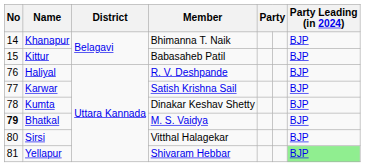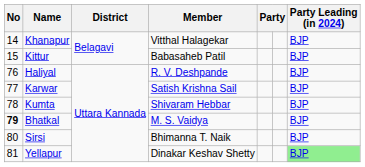 <table class="wikitable">
 <tr>
 <th>No</th>
 <th>Name</th>
 <th>District</th>
 <th>Member</th>
 <th colspan="2">Party</th>
 <th colspan="2">Party Leading<br>(in <a href='#'>2024</a>)</th>
 </tr>
 <tr>
 <td>14</td>
 <td><a href='#'>Khanapur</a></td>
 <td rowspan="2"><a href='#'>Belagavi</a></td>
-<td>Bhimanna T. Naik</td>
+<td>Vitthal Halagekar</td>
 <td></td>
 <td style="background-color: "></td>
 <td><a href='#'>BJP</a></td>
 </tr>
 <tr>
 <td>15</td>
 <td><a href='#'>Kittur</a></td>
 <td>Babasaheb Patil</td>
 <td></td>
 <td style="background-color: "></td>
 <td><a href='#'>BJP</a></td>
 </tr>
 <tr>
 <td>76</td>
 <td><a href='#'>Haliyal</a></td>
 <td rowspan="6"><a href='#'>Uttara Kannada</a></td>
 <td><a href='#'>R. V. Deshpande</a></td>
 <td></td>
 <td style="background-color: "></td>
 <td><a href='#'>BJP</a></td>
 </tr>
 <tr>
 <td>77</td>
 <td><a href='#'>Karwar</a></td>
 <td><a href='#'>Satish Krishna Sail</a></td>
 <td></td>
 <td style="background-color: "></td>
 <td><a href='#'>BJP</a></td>
 </tr>
 <tr>
 <td>78</td>
 <td><a href='#'>Kumta</a></td>
-<td>Dinakar Keshav Shetty</td>
+<td><a href='#'>Shivaram Hebbar</a></td>
 <td></td>
 <td style="background-color: "></td>
 <td><a href='#'>BJP</a></td>
 </tr>
 <tr>
 <td><strong>79</strong></td>
 <td><a href='#'>Bhatkal</a></td>
 <td><a href='#'>M. S. Vaidya</a></td>
 <td></td>
 <td style="background-color: "></td>
 <td><a href='#'>BJP</a></td>
 </tr>
 <tr>
 <td>80</td>
 <td><a href='#'>Sirsi</a></td>
-<td>Vitthal Halagekar</td>
+<td>Bhimanna T. Naik</td>
 <td></td>
 <td style="background-color: "></td>
 <td><a href='#'>BJP</a></td>
 </tr>
 <tr>
 <td>81</td>
 <td><a href='#'>Yellapur</a></td>
-<td><a href='#'>Shivaram Hebbar</a></td>
+<td>Dinakar Keshav Shetty</td>
 <td></td>
 <td style="background-color: "></td>
 <td style="background: lightgreen;"><a href='#'>BJP</a></td>
 </tr>
 </table>
